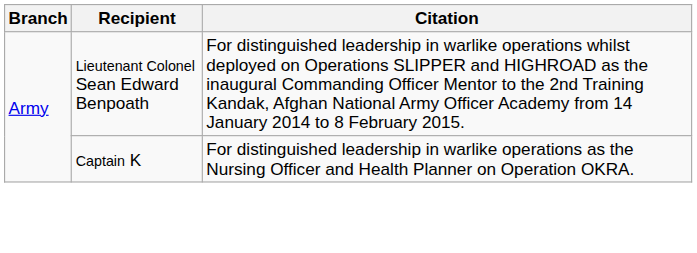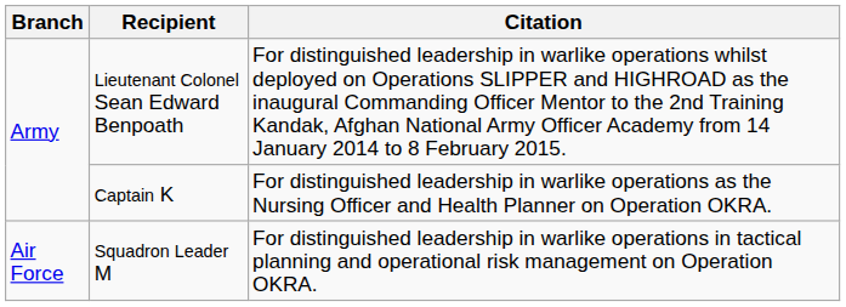 <table class="wikitable" style="font-size:95%;">
 <tr>
 <th>Branch</th>
 <th>Recipient</th>
 <th>Citation</th>
 </tr>
 <tr>
 <td rowspan="2"><a href='#'>Army</a></td>
 <td><small>Lieutenant Colonel</small> Sean Edward Benpoath</td>
 <td>For distinguished leadership in warlike operations whilst deployed on Operations SLIPPER and HIGHROAD as the inaugural Commanding Officer Mentor to the 2nd Training Kandak, Afghan National Army Officer Academy from 14 January 2014 to 8 February 2015.</td>
 </tr>
 <tr>
 <td><small>Captain</small> K</td>
 <td>For distinguished leadership in warlike operations as the Nursing Officer and Health Planner on Operation OKRA.</td>
 </tr>
+<tr>
+<td><a href='#'>Air Force</a></td>
+<td><small>Squadron Leader</small> M</td>
+<td>For distinguished leadership in warlike operations in tactical planning and operational risk management on Operation OKRA.</td>
+</tr>
 </table>
